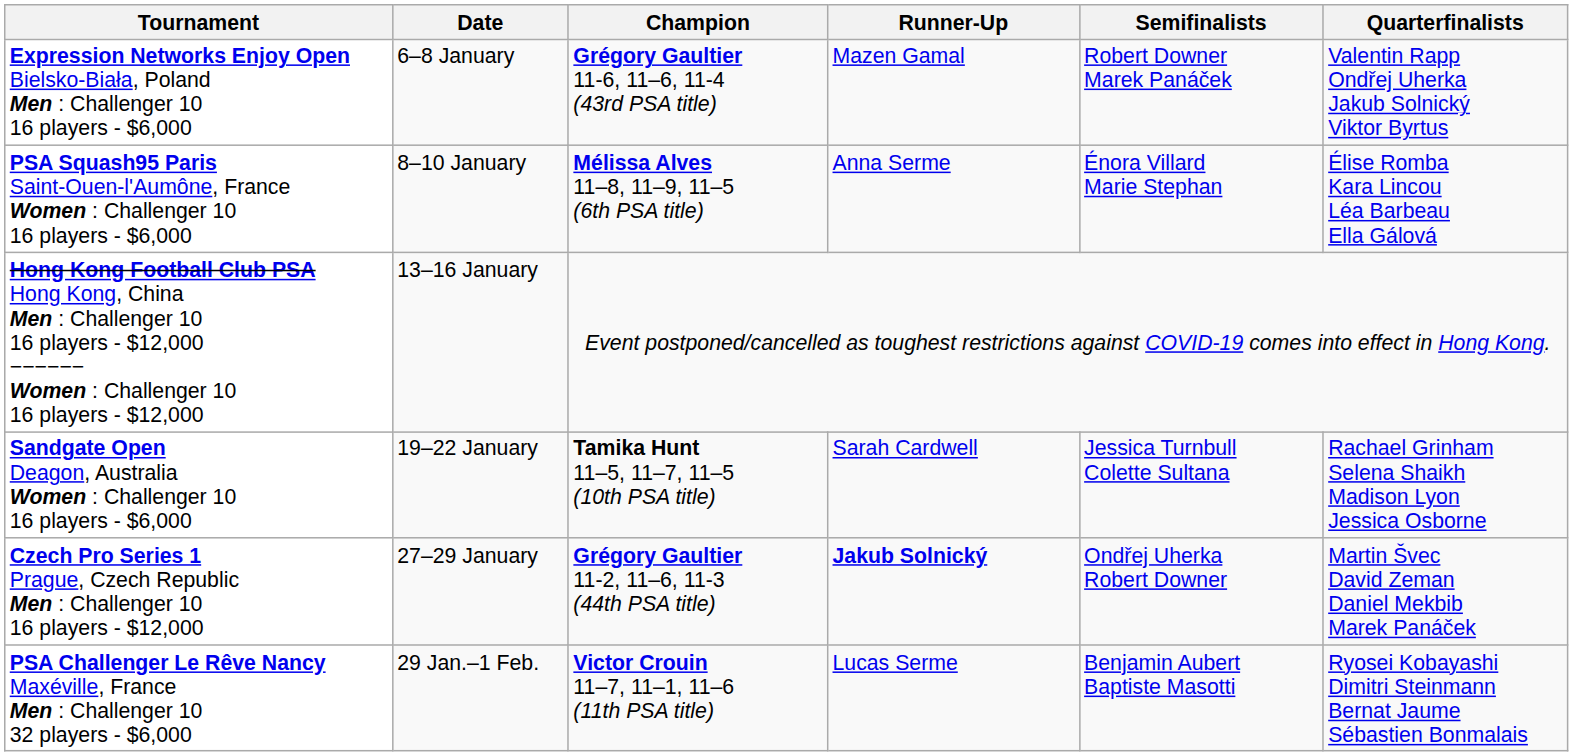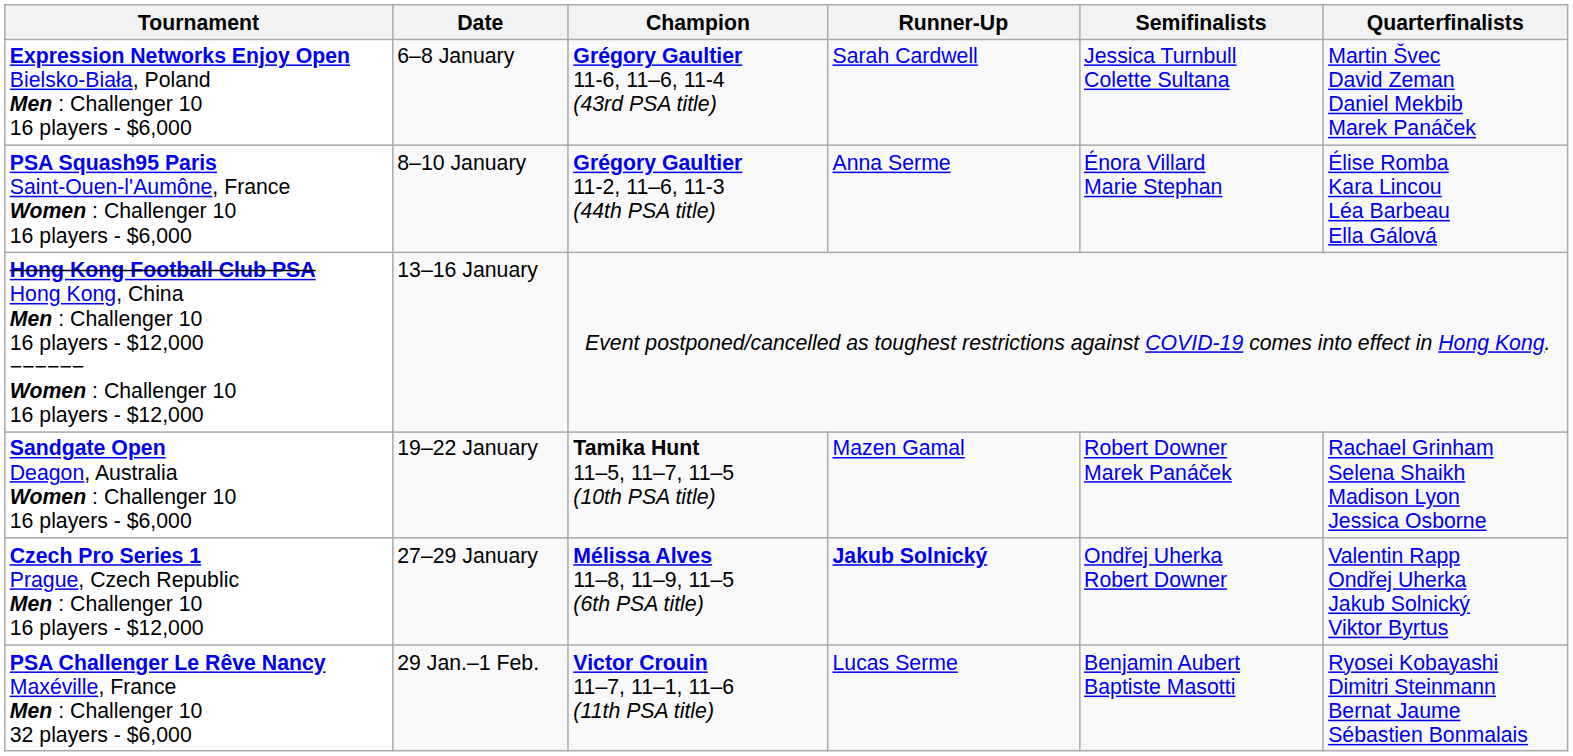 <table class="wikitable" style="font-size:88%">
 <tr>
 <th width=250>Tournament</th>
 <th width=110>Date</th>
 <th width=165>Champion</th>
 <th width=160>Runner-Up</th>
 <th width=155>Semifinalists</th>
 <th width=155>Quarterfinalists</th>
 </tr>
 <tr valign=top>
 <td style="background:#fff;"><strong><a href='#'>Expression Networks Enjoy Open</a></strong><br> <a href='#'>Bielsko-Biała</a>, Poland<br><strong> <em>Men</em> </strong>: Challenger 10<br>16 players - $6,000</td>
 <td>6–8 January</td>
 <td> <strong><a href='#'>Grégory Gaultier</a></strong><br>11-6, 11–6, 11-4<br><em>(43rd PSA title)</em></td>
-<td> <a href='#'>Mazen Gamal</a></td>
-<td> <a href='#'>Robert Downer</a><br> <a href='#'>Marek Panáček</a></td>
-<td> <a href='#'>Valentin Rapp</a><br> <a href='#'>Ondřej Uherka</a><br> <a href='#'>Jakub Solnický</a><br> <a href='#'>Viktor Byrtus</a></td>
+<td> <a href='#'>Sarah Cardwell</a></td>
+<td> <a href='#'>Jessica Turnbull</a><br> <a href='#'>Colette Sultana</a></td>
+<td> <a href='#'>Martin Švec</a><br> <a href='#'>David Zeman</a><br> <a href='#'>Daniel Mekbib</a><br> <a href='#'>Marek Panáček</a></td>
 </tr>
 <tr valign=top>
 <td style="background:#fff;"><strong><a href='#'>PSA Squash95 Paris</a></strong><br> <a href='#'>Saint-Ouen-l'Aumône</a>, France<br><strong> <em>Women</em> </strong>: Challenger 10<br>16 players - $6,000</td>
 <td>8–10 January</td>
-<td> <strong><a href='#'>Mélissa Alves</a></strong><br>11–8, 11–9, 11–5<br><em>(6th PSA title)</em></td>
+<td> <strong><a href='#'>Grégory Gaultier</a></strong><br>11-2, 11–6, 11-3<br><em>(44th PSA title)</em></td>
 <td> <a href='#'>Anna Serme</a></td>
 <td> <a href='#'>Énora Villard</a><br> <a href='#'>Marie Stephan</a></td>
 <td> <a href='#'>Élise Romba</a><br> <a href='#'>Kara Lincou</a><br> <a href='#'>Léa Barbeau</a><br> <a href='#'>Ella Gálová</a></td>
 </tr>
 <tr valign=top>
 <td style="background:#fff;"><strong><s><a href='#'>Hong Kong Football Club PSA</a></s></strong><br> <a href='#'>Hong Kong</a>, China<br><strong> <em>Men</em> </strong>: Challenger 10<br>16 players - $12,000<br>−−−−−−<br><strong> <em>Women</em> </strong>: Challenger 10<br>16 players - $12,000</td>
 <td>13–16 January</td>
 <td colspan="4" style="vertical-align:middle; text-align:center;"><em>Event postponed/cancelled as toughest restrictions against <a href='#'>COVID-19</a> comes into effect in <a href='#'>Hong Kong</a>.</em></td>
 </tr>
 <tr valign=top>
 <td style="background:#fff;"><strong><a href='#'>Sandgate Open</a></strong><br> <a href='#'>Deagon</a>, Australia<br><strong> <em>Women</em> </strong>: Challenger 10<br>16 players - $6,000</td>
 <td>19–22 January</td>
 <td> <strong>Tamika Hunt</strong><br>11–5, 11–7, 11–5<br><em>(10th PSA title)</em></td>
-<td> <a href='#'>Sarah Cardwell</a></td>
-<td> <a href='#'>Jessica Turnbull</a><br> <a href='#'>Colette Sultana</a></td>
+<td> <a href='#'>Mazen Gamal</a></td>
+<td> <a href='#'>Robert Downer</a><br> <a href='#'>Marek Panáček</a></td>
 <td> <a href='#'>Rachael Grinham</a><br> <a href='#'>Selena Shaikh</a><br> <a href='#'>Madison Lyon</a><br> <a href='#'>Jessica Osborne</a></td>
 </tr>
 <tr valign=top>
 <td style="background:#fff;"><strong><a href='#'>Czech Pro Series 1</a></strong><br> <a href='#'>Prague</a>, Czech Republic<br><strong> <em>Men</em> </strong>: Challenger 10<br>16 players - $12,000</td>
 <td>27–29 January</td>
-<td> <strong><a href='#'>Grégory Gaultier</a></strong><br>11-2, 11–6, 11-3<br><em>(44th PSA title)</em></td>
+<td> <strong><a href='#'>Mélissa Alves</a></strong><br>11–8, 11–9, 11–5<br><em>(6th PSA title)</em></td>
 <td><strong> <a href='#'>Jakub Solnický</a></strong></td>
 <td> <a href='#'>Ondřej Uherka</a><br> <a href='#'>Robert Downer</a></td>
-<td> <a href='#'>Martin Švec</a><br> <a href='#'>David Zeman</a><br> <a href='#'>Daniel Mekbib</a><br> <a href='#'>Marek Panáček</a></td>
+<td> <a href='#'>Valentin Rapp</a><br> <a href='#'>Ondřej Uherka</a><br> <a href='#'>Jakub Solnický</a><br> <a href='#'>Viktor Byrtus</a></td>
 </tr>
 <tr valign=top>
 <td style="background:#fff;"><strong><a href='#'>PSA Challenger Le Rêve Nancy</a></strong><br> <a href='#'>Maxéville</a>, France<br><strong> <em>Men</em> </strong>: Challenger 10<br>32 players - $6,000</td>
 <td>29 Jan.–1 Feb.</td>
 <td> <strong><a href='#'>Victor Crouin</a></strong><br>11–7, 11–1, 11–6<br><em>(11th PSA title)</em></td>
 <td> <a href='#'>Lucas Serme</a></td>
 <td> <a href='#'>Benjamin Aubert</a><br> <a href='#'>Baptiste Masotti</a></td>
 <td> <a href='#'>Ryosei Kobayashi</a><br> <a href='#'>Dimitri Steinmann</a><br> <a href='#'>Bernat Jaume</a><br> <a href='#'>Sébastien Bonmalais</a></td>
 </tr>
 </table>
